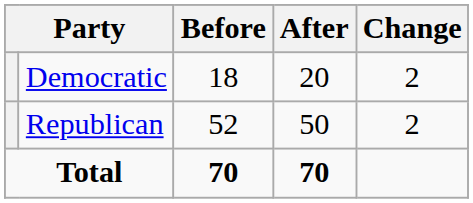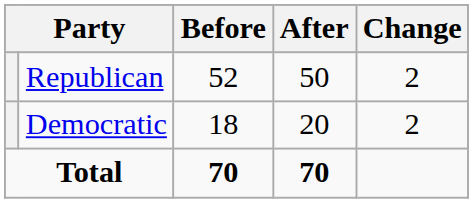 <table class="wikitable" style="text-align:center;">
 <tr>
 <th colspan="2">Party</th>
 <th>Before</th>
 <th>After</th>
 <th>Change</th>
 </tr>
 <tr>
 <th style="background-color:"></th>
-<td style="text-align:left;"><a href='#'>Democratic</a></td>
-<td>18</td>
-<td>20</td>
+<td style="text-align:left;"><a href='#'>Republican</a></td>
+<td>52</td>
+<td>50</td>
 <td> 2</td>
 </tr>
 <tr>
 <th style="background-color:"></th>
-<td style="text-align:left;"><a href='#'>Republican</a></td>
-<td>52</td>
-<td>50</td>
+<td style="text-align:left;"><a href='#'>Democratic</a></td>
+<td>18</td>
+<td>20</td>
 <td> 2</td>
 </tr>
 <tr>
 <td colspan="2"><strong>Total</strong></td>
 <td><strong>70</strong></td>
 <td><strong>70</strong></td>
 <td></td>
 </tr>
 </table>
